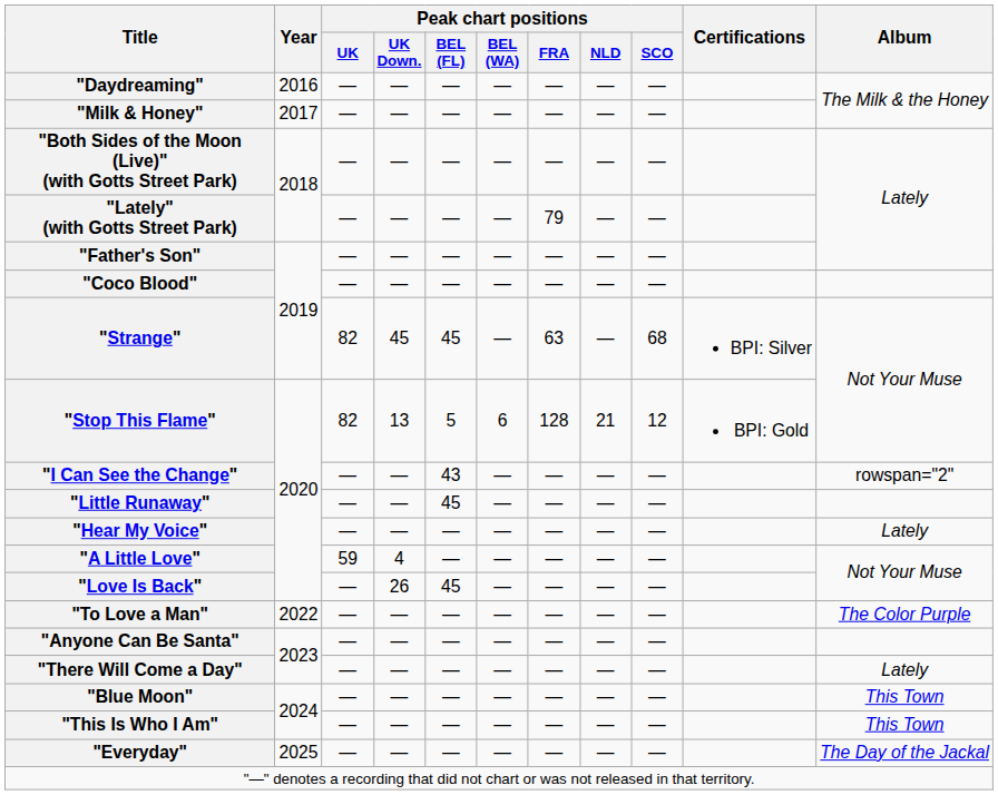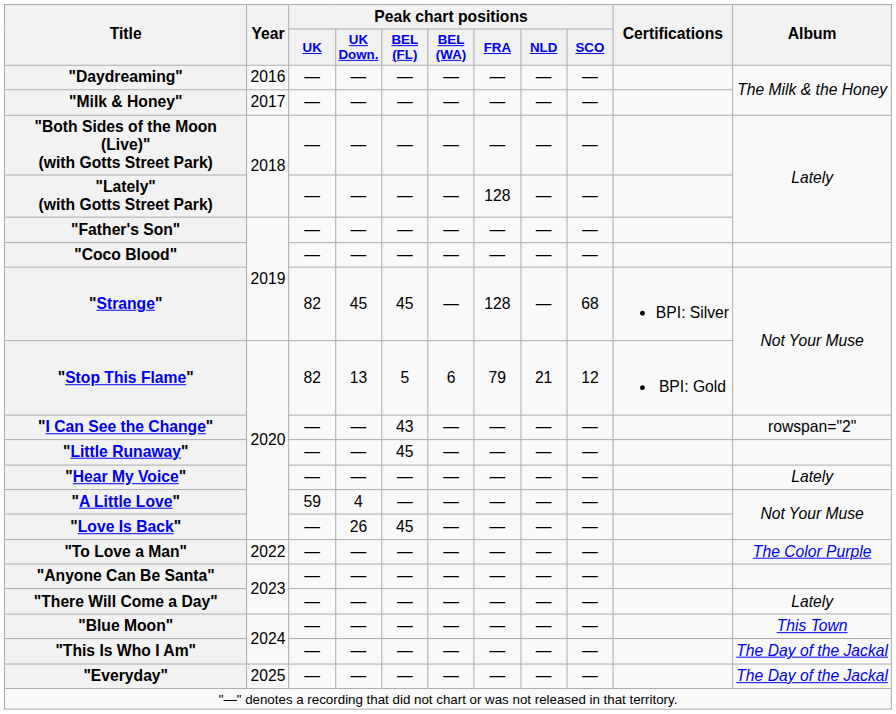 <table class="wikitable plainrowheaders" style="text-align:center;">
 <tr>
 <th scope="col" rowspan="2" style="width:15em;">Title</th>
 <th scope="col" rowspan="2" style="width:1em;">Year</th>
 <th scope="col" colspan="7">Peak chart positions</th>
 <th scope="col" rowspan="2">Certifications</th>
 <th scope="col" rowspan="2">Album</th>
 </tr>
 <tr>
 <th scope="col" style="width:3em;font-size:85%;"><a href='#'>UK</a><br></th>
 <th scope="col" style="width:3em;font-size:85%;"><a href='#'>UK<br>Down.</a><br></th>
 <th scope="col" style="width:3em;font-size:85%;"><a href='#'>BEL<br>(FL)</a><br></th>
 <th scope="col" style="width:3em;font-size:85%;"><a href='#'>BEL<br>(WA)</a><br></th>
 <th scope="col" style="width:3em;font-size:85%;"><a href='#'>FRA</a><br></th>
 <th scope="col" style="width:3em;font-size:85%;"><a href='#'>NLD</a><br></th>
 <th scope="col" style="width:3em;font-size:85%;"><a href='#'>SCO</a><br></th>
 </tr>
 <tr>
 <th scope="row">"Daydreaming"</th>
 <td>2016</td>
 <td>—</td>
 <td>—</td>
 <td>—</td>
 <td>—</td>
 <td>—</td>
 <td>—</td>
 <td>—</td>
 <td></td>
 <td rowspan="2"><em>The Milk & the Honey</em></td>
 </tr>
 <tr>
 <th scope="row">"Milk & Honey"</th>
 <td>2017</td>
 <td>—</td>
 <td>—</td>
 <td>—</td>
 <td>—</td>
 <td>—</td>
 <td>—</td>
 <td>—</td>
 <td></td>
 </tr>
 <tr>
 <th scope="row">"Both Sides of the Moon (Live)"<br><span>(with Gotts Street Park)</span></th>
 <td rowspan="2">2018</td>
 <td>—</td>
 <td>—</td>
 <td>—</td>
 <td>—</td>
 <td>—</td>
 <td>—</td>
 <td>—</td>
 <td></td>
 <td rowspan="3"><em>Lately</em></td>
 </tr>
 <tr>
 <th scope="row">"Lately"<br><span>(with Gotts Street Park)</span></th>
 <td>—</td>
 <td>—</td>
 <td>—</td>
 <td>—</td>
-<td>79</td>
+<td>128</td>
 <td>—</td>
 <td>—</td>
 <td></td>
 </tr>
 <tr>
 <th scope="row">"Father's Son"</th>
 <td rowspan="3">2019</td>
 <td>—</td>
 <td>—</td>
 <td>—</td>
 <td>—</td>
 <td>—</td>
 <td>—</td>
 <td>—</td>
 <td></td>
 </tr>
 <tr>
 <th scope="row">"Coco Blood"</th>
 <td>—</td>
 <td>—</td>
 <td>—</td>
 <td>—</td>
 <td>—</td>
 <td>—</td>
 <td>—</td>
 <td></td>
 <td></td>
 </tr>
 <tr>
 <th scope="row">"<a href='#'>Strange</a>"</th>
 <td>82</td>
 <td>45</td>
 <td>45</td>
 <td>—</td>
-<td>63</td>
+<td>128</td>
 <td>—</td>
 <td>68</td>
 <td><br><ul><li>BPI: Silver</li></ul></td>
 <td rowspan="2"><em>Not Your Muse</em></td>
 </tr>
 <tr>
 <th scope="row">"<a href='#'>Stop This Flame</a>"</th>
 <td rowspan="6">2020</td>
 <td>82</td>
 <td>13</td>
 <td>5</td>
 <td>6</td>
-<td>128</td>
+<td>79</td>
 <td>21</td>
 <td>12</td>
 <td><br><ul><li>BPI: Gold</li></ul></td>
 </tr>
 <tr>
 <th scope="row">"<a href='#'>I Can See the Change</a>"</th>
 <td>—</td>
 <td>—</td>
 <td>43</td>
 <td>—</td>
 <td>—</td>
 <td>—</td>
 <td>—</td>
 <td></td>
 <td>rowspan="2" </td>
 </tr>
 <tr>
 <th scope="row">"<a href='#'>Little Runaway</a>"</th>
 <td>—</td>
 <td>—</td>
 <td>45</td>
 <td>—</td>
 <td>—</td>
 <td>—</td>
 <td>—</td>
 <td></td>
 </tr>
 <tr>
 <th scope="row">"<a href='#'>Hear My Voice</a>"<br></th>
 <td>—</td>
 <td>—</td>
 <td>—</td>
 <td>—</td>
 <td>—</td>
 <td>—</td>
 <td>—</td>
 <td></td>
 <td><em>Lately</em></td>
 </tr>
 <tr>
 <th scope="row">"<a href='#'>A Little Love</a>"</th>
 <td>59</td>
 <td>4</td>
 <td>—</td>
 <td>—</td>
 <td>—</td>
 <td>—</td>
 <td>—</td>
 <td></td>
 <td rowspan="2"><em>Not Your Muse</em></td>
 </tr>
 <tr>
 <th scope="row">"<a href='#'>Love Is Back</a>"</th>
 <td>—</td>
 <td>26</td>
 <td>45</td>
 <td>—</td>
 <td>—</td>
 <td>—</td>
 <td>—</td>
 <td></td>
 </tr>
 <tr>
 <th scope="row">"To Love a Man"</th>
 <td rowspan="1">2022</td>
 <td>—</td>
 <td>—</td>
 <td>—</td>
 <td>—</td>
 <td>—</td>
 <td>—</td>
 <td>—</td>
 <td></td>
 <td><em><a href='#'>The Color Purple</a></em></td>
 </tr>
 <tr>
 <th scope="row">"Anyone Can Be Santa"</th>
 <td rowspan="2">2023</td>
 <td>—</td>
 <td>—</td>
 <td>—</td>
 <td>—</td>
 <td>—</td>
 <td>—</td>
 <td>—</td>
 <td></td>
 <td></td>
 </tr>
 <tr>
 <th scope="row">"There Will Come a Day"</th>
 <td>—</td>
 <td>—</td>
 <td>—</td>
 <td>—</td>
 <td>—</td>
 <td>—</td>
 <td>—</td>
 <td></td>
 <td><em>Lately</em></td>
 </tr>
 <tr>
 <th scope="row">"Blue Moon"</th>
 <td rowspan="2">2024</td>
 <td>—</td>
 <td>—</td>
 <td>—</td>
 <td>—</td>
 <td>—</td>
 <td>—</td>
 <td>—</td>
 <td></td>
 <td><em><a href='#'>This Town</a></em></td>
 </tr>
 <tr>
 <th scope="row">"This Is Who I Am"</th>
 <td>—</td>
 <td>—</td>
 <td>—</td>
 <td>—</td>
 <td>—</td>
 <td>—</td>
 <td>—</td>
 <td></td>
-<td><em><a href='#'>This Town</a></em></td>
+<td><em><a href='#'>The Day of the Jackal</a></em></td>
 </tr>
 <tr>
 <th scope="row">"Everyday"</th>
 <td rowspan="1">2025</td>
 <td>—</td>
 <td>—</td>
 <td>—</td>
 <td>—</td>
 <td>—</td>
 <td>—</td>
 <td>—</td>
 <td></td>
 <td><em><a href='#'>The Day of the Jackal</a></em></td>
 </tr>
 <tr>
 <td colspan="11" style="font-size:85%">"—" denotes a recording that did not chart or was not released in that territory.</td>
 </tr>
 </table>
